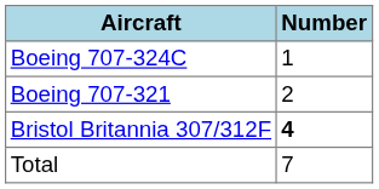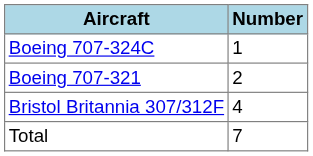 <table class="toccolours" border="1" cellpadding="3" style="border-collapse:collapse">
 <tr style="background:lightblue;">
 <th>Aircraft</th>
 <th>Number</th>
 </tr>
 <tr>
 <td><a href='#'>Boeing 707-324C</a></td>
 <td>1</td>
 </tr>
 <tr>
 <td><a href='#'>Boeing 707-321</a></td>
 <td>2</td>
 </tr>
 <tr>
 <td><a href='#'>Bristol Britannia 307/312F</a></td>
-<td><strong>4</strong></td>
+<td>4</td>
 </tr>
 <tr>
 <td>Total</td>
 <td>7</td>
 </tr>
 </table>
